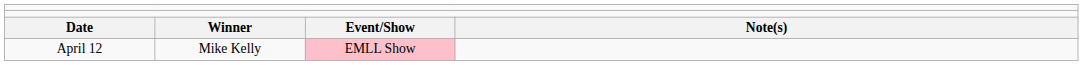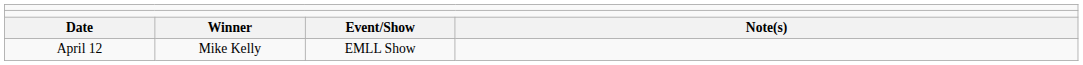 <table class="wikitable" style="text-align:center; width:100%;">
 <tr>
 <td colspan="5"></td>
 </tr>
 <tr>
 <td colspan="5"><strong></strong></td>
 </tr>
 <tr>
 <th width=14%>Date</th>
 <th width=14%>Winner</th>
 <th width=14%>Event/Show</th>
 <th width=58%>Note(s)</th>
 </tr>
 <tr>
 <td>April 12</td>
 <td>Mike Kelly</td>
-<td style="background: pink;">EMLL Show</td>
+<td>EMLL Show</td>
 <td align=left></td>
 </tr>
 </table>
